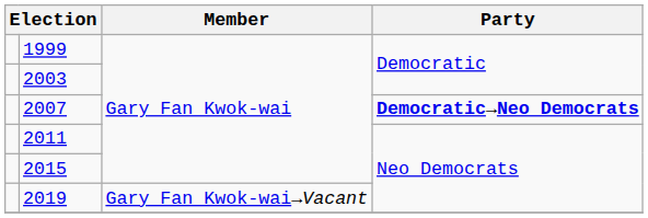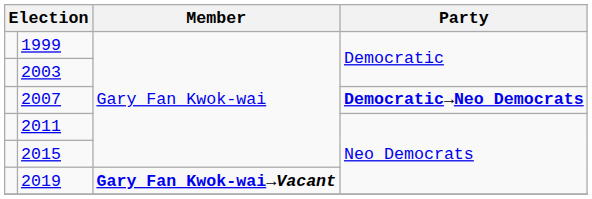 <table class="wikitable">
 <tr>
 <th colspan="2">Election</th>
 <th>Member</th>
 <th>Party</th>
 </tr>
 <tr>
 <td style="background-color: "></td>
 <td><a href='#'>1999</a></td>
 <td rowspan=5><a href='#'>Gary Fan Kwok-wai</a></td>
 <td rowspan=2><a href='#'>Democratic</a></td>
 </tr>
 <tr>
 <td style="background-color: "></td>
 <td><a href='#'>2003</a></td>
 </tr>
 <tr>
 <td style="background-color: "></td>
 <td><a href='#'>2007</a></td>
 <td><strong><a href='#'>Democratic</a>→<a href='#'>Neo Democrats</a></strong></td>
 </tr>
 <tr>
 <td style="background-color: "></td>
 <td><a href='#'>2011</a></td>
 <td rowspan=3><a href='#'>Neo Democrats</a></td>
 </tr>
 <tr>
 <td style="background-color: "></td>
 <td><a href='#'>2015</a></td>
 </tr>
 <tr>
 <td style="background-color: "></td>
 <td><a href='#'>2019</a></td>
-<td><a href='#'>Gary Fan Kwok-wai</a>→<em>Vacant</em></td>
+<td><strong><a href='#'>Gary Fan Kwok-wai</a>→<em>Vacant</em></strong></td>
 </tr>
 <tr>
 </tr>
 </table>
